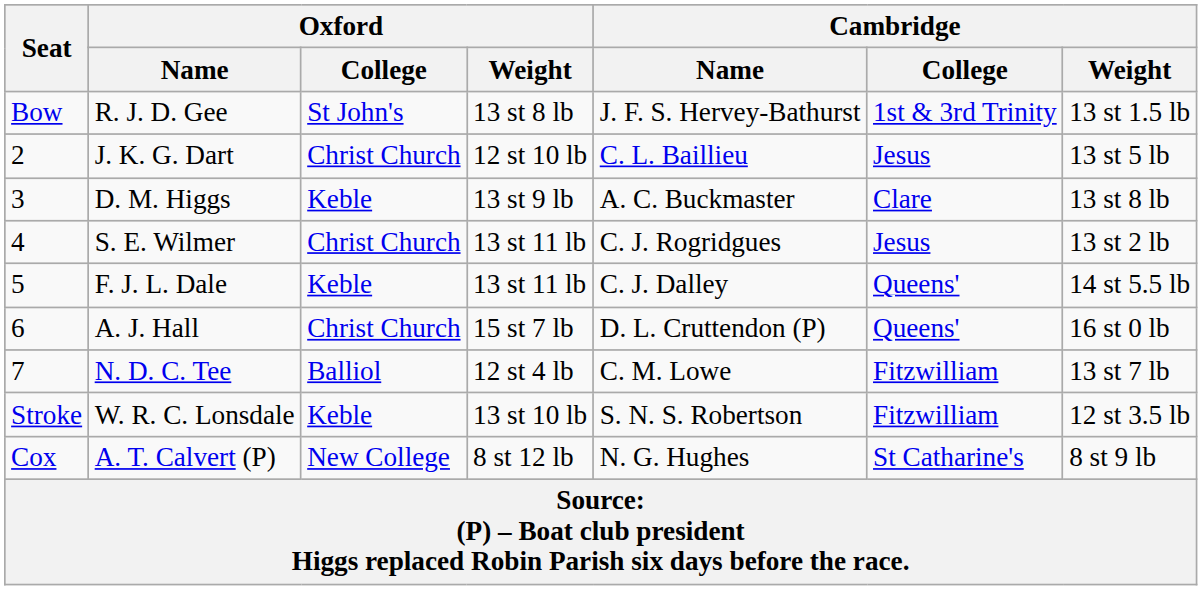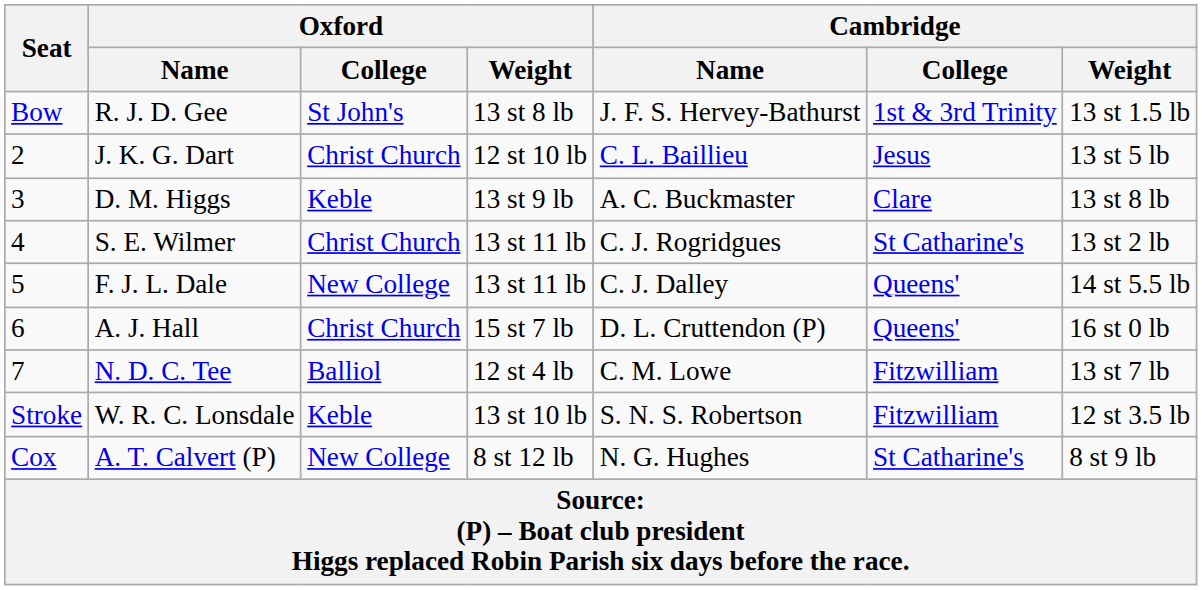 <table class="wikitable">
 <tr>
 <th rowspan="2" scope="col">Seat</th>
 <th colspan="3" scope="col">Oxford <br> </th>
 <th colspan="3" scope="col">Cambridge <br> </th>
 </tr>
 <tr>
 <th>Name</th>
 <th>College</th>
 <th>Weight</th>
 <th>Name</th>
 <th>College</th>
 <th>Weight</th>
 </tr>
 <tr>
 <td><a href='#'>Bow</a></td>
 <td>R. J. D. Gee</td>
 <td><a href='#'>St John's</a></td>
 <td>13 st 8 lb</td>
 <td>J. F. S. Hervey-Bathurst</td>
 <td><a href='#'>1st & 3rd Trinity</a></td>
 <td>13 st 1.5 lb</td>
 </tr>
 <tr>
 <td>2</td>
 <td>J. K. G. Dart</td>
 <td><a href='#'>Christ Church</a></td>
 <td>12 st 10 lb</td>
 <td><a href='#'>C. L. Baillieu</a></td>
 <td><a href='#'>Jesus</a></td>
 <td>13 st 5 lb</td>
 </tr>
 <tr>
 <td>3</td>
 <td>D. M. Higgs </td>
 <td><a href='#'>Keble</a></td>
 <td>13 st 9 lb</td>
 <td>A. C. Buckmaster</td>
 <td><a href='#'>Clare</a></td>
 <td>13 st 8 lb</td>
 </tr>
 <tr>
 <td>4</td>
 <td>S. E. Wilmer</td>
 <td><a href='#'>Christ Church</a></td>
 <td>13 st 11 lb</td>
 <td>C. J. Rogridgues</td>
-<td><a href='#'>Jesus</a></td>
+<td><a href='#'>St Catharine's</a></td>
 <td>13 st 2 lb</td>
 </tr>
 <tr>
 <td>5</td>
 <td>F. J. L. Dale</td>
-<td><a href='#'>Keble</a></td>
+<td><a href='#'>New College</a></td>
 <td>13 st 11 lb</td>
 <td>C. J. Dalley</td>
 <td><a href='#'>Queens'</a></td>
 <td>14 st 5.5 lb</td>
 </tr>
 <tr>
 <td>6</td>
 <td>A. J. Hall</td>
 <td><a href='#'>Christ Church</a></td>
 <td>15 st 7 lb</td>
 <td>D. L. Cruttendon (P)</td>
 <td><a href='#'>Queens'</a></td>
 <td>16 st 0 lb</td>
 </tr>
 <tr>
 <td>7</td>
 <td><a href='#'>N. D. C. Tee</a></td>
 <td><a href='#'>Balliol</a></td>
 <td>12 st 4 lb</td>
 <td>C. M. Lowe</td>
 <td><a href='#'>Fitzwilliam</a></td>
 <td>13 st 7 lb</td>
 </tr>
 <tr>
 <td><a href='#'>Stroke</a></td>
 <td>W. R. C. Lonsdale</td>
 <td><a href='#'>Keble</a></td>
 <td>13 st 10 lb</td>
 <td>S. N. S. Robertson</td>
 <td><a href='#'>Fitzwilliam</a></td>
 <td>12 st 3.5 lb</td>
 </tr>
 <tr>
 <td><a href='#'>Cox</a></td>
 <td><a href='#'>A. T. Calvert</a> (P)</td>
 <td><a href='#'>New College</a></td>
 <td>8 st 12 lb</td>
 <td>N. G. Hughes</td>
 <td><a href='#'>St Catharine's</a></td>
 <td>8 st 9 lb</td>
 </tr>
 <tr>
 <th colspan="7">Source:<br>(P) – Boat club president<br> Higgs replaced Robin Parish six days before the race.</th>
 </tr>
 </table>
